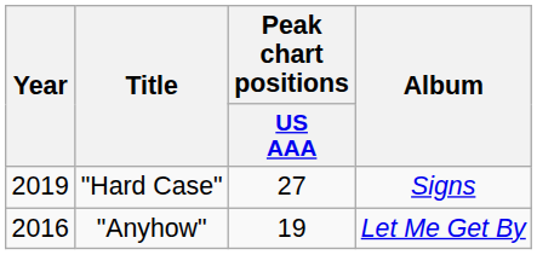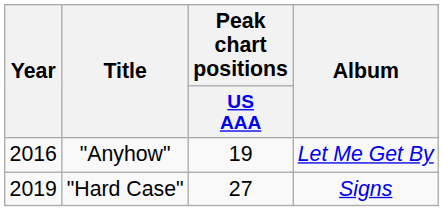 <table class="wikitable">
 <tr>
 <th rowspan="2" style="text-align:center;">Year</th>
 <th rowspan="2" style="text-align:center;">Title</th>
 <th scope="col" style="text-align:center;">Peak chart positions</th>
 <th rowspan="2" style="text-align:center;">Album</th>
 </tr>
 <tr>
 <th scope="col" style="width:3em;font-size:90%;"><a href='#'>US<br>AAA</a><br></th>
 </tr>
 <tr>
+<td style="text-align:center;">2016</td>
+<td scope="row" style="text-align:center;">"Anyhow"</td>
+<td style="text-align:center;">19</td>
+<td style="text-align:center;"><em><a href='#'>Let Me Get By</a></em></td>
+</tr>
+<tr>
 <td style="text-align:center;">2019</td>
 <td scope="row" style="text-align:center;">"Hard Case"</td>
 <td style="text-align:center;">27</td>
 <td style="text-align:center;"><em><a href='#'>Signs</a></em></td>
 </tr>
-<tr>
-<td style="text-align:center;">2016</td>
-<td scope="row" style="text-align:center;">"Anyhow"</td>
-<td style="text-align:center;">19</td>
-<td style="text-align:center;"><em><a href='#'>Let Me Get By</a></em></td>
-</tr>
 </table>
